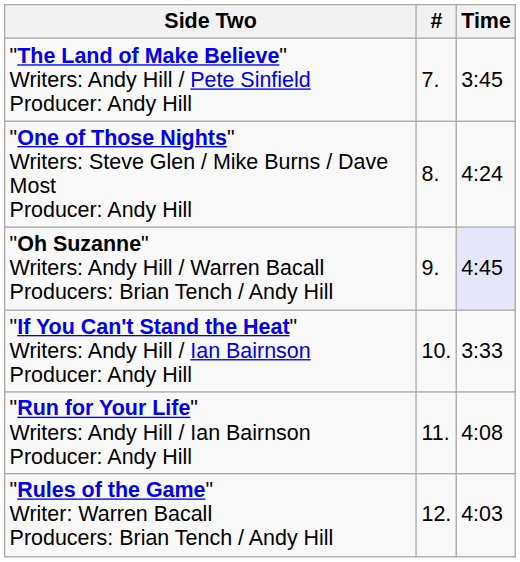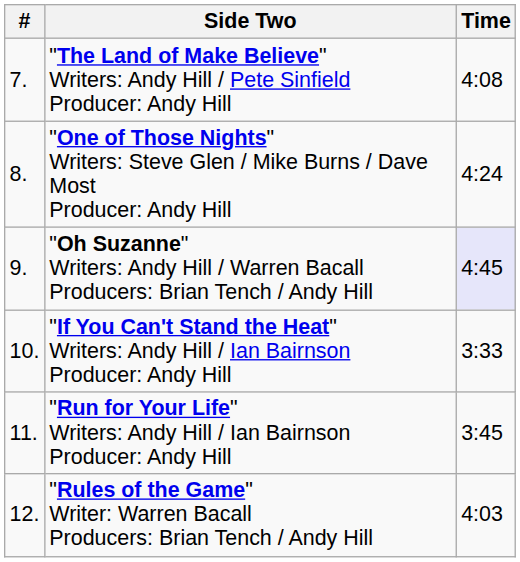 <table class="wikitable">
 <tr>
+<th>#</th>
 <th width="300">Side Two</th>
-<th>#</th>
 <th>Time</th>
 </tr>
 <tr>
+<td>7.</td>
 <td>"<strong><a href='#'>The Land of Make Believe</a></strong>"<br>Writers: Andy Hill / <a href='#'>Pete Sinfield</a><br> Producer: Andy Hill</td>
-<td>7.</td>
+<td>4:08</td>
+</tr>
+<tr>
+<td>8.</td>
+<td>"<strong><a href='#'>One of Those Nights</a></strong>"<br>Writers: Steve Glen / Mike Burns / Dave Most<br> Producer: Andy Hill</td>
+<td>4:24</td>
+</tr>
+<tr>
+<td>9.</td>
+<td>"<strong>Oh Suzanne</strong>"<br>Writers: Andy Hill / Warren Bacall<br> Producers: Brian Tench / Andy Hill</td>
+<td style="background: lavender;">4:45</td>
+</tr>
+<tr>
+<td>10.</td>
+<td>"<strong><a href='#'>If You Can't Stand the Heat</a></strong>" <br>Writers: Andy Hill / <a href='#'>Ian Bairnson</a><br> Producer: Andy Hill</td>
+<td>3:33</td>
+</tr>
+<tr>
+<td>11.</td>
+<td>"<strong><a href='#'>Run for Your Life</a></strong>" <br>Writers: Andy Hill / Ian Bairnson<br> Producer: Andy Hill</td>
 <td>3:45</td>
 </tr>
 <tr>
-<td>"<strong><a href='#'>One of Those Nights</a></strong>"<br>Writers: Steve Glen / Mike Burns / Dave Most<br> Producer: Andy Hill</td>
-<td>8.</td>
-<td>4:24</td>
-</tr>
-<tr>
-<td>"<strong>Oh Suzanne</strong>"<br>Writers: Andy Hill / Warren Bacall<br> Producers: Brian Tench / Andy Hill</td>
-<td>9.</td>
-<td style="background: lavender;">4:45</td>
-</tr>
-<tr>
-<td>"<strong><a href='#'>If You Can't Stand the Heat</a></strong>" <br>Writers: Andy Hill / <a href='#'>Ian Bairnson</a><br> Producer: Andy Hill</td>
-<td>10.</td>
-<td>3:33</td>
-</tr>
-<tr>
-<td>"<strong><a href='#'>Run for Your Life</a></strong>" <br>Writers: Andy Hill / Ian Bairnson<br> Producer: Andy Hill</td>
-<td>11.</td>
-<td>4:08</td>
-</tr>
-<tr>
+<td>12.</td>
 <td>"<strong><a href='#'>Rules of the Game</a></strong>" <br>Writer: Warren Bacall<br> Producers: Brian Tench / Andy Hill</td>
-<td>12.</td>
 <td>4:03</td>
 </tr>
 </table>
